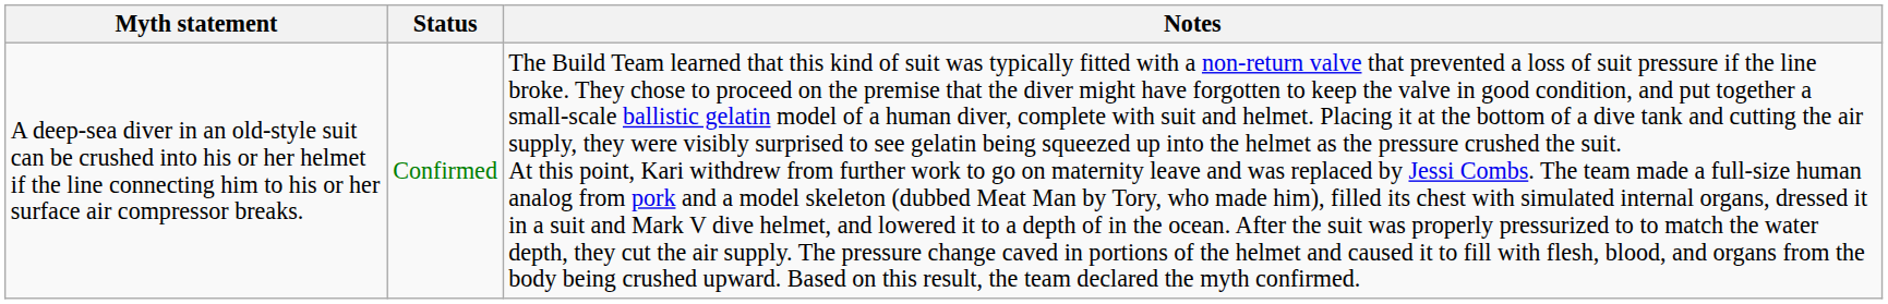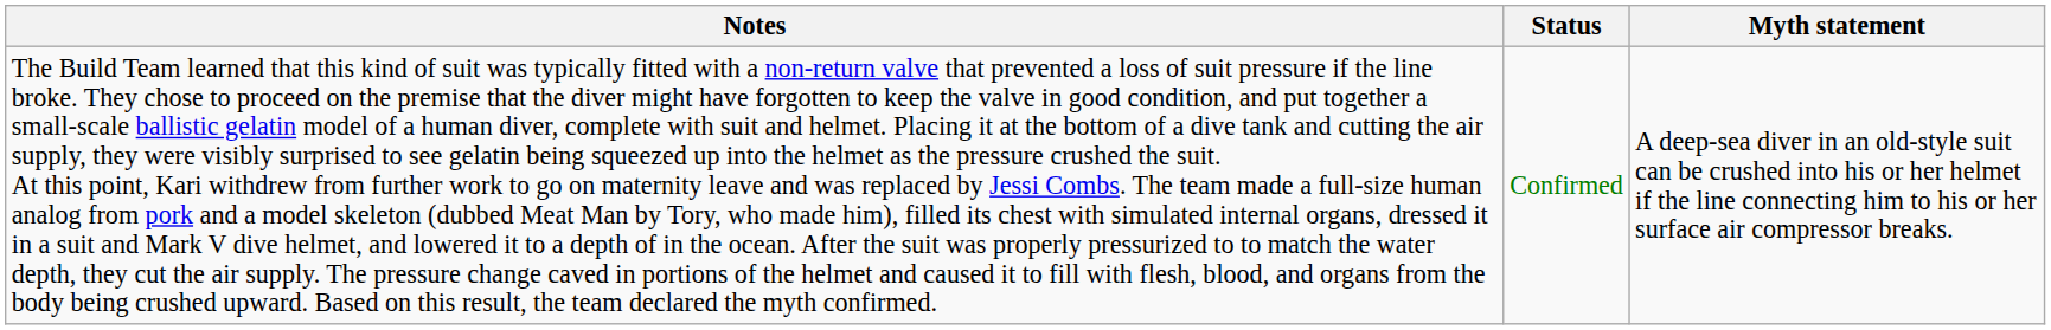 <table class="wikitable plainrowheaders">
 <tr>
+<th>Notes</th>
+<th>Status</th>
 <th>Myth statement</th>
-<th>Status</th>
-<th>Notes</th>
 </tr>
 <tr>
+<td>The Build Team learned that this kind of suit was typically fitted with a <a href='#'>non-return valve</a> that prevented a loss of suit pressure if the line broke. They chose to proceed on the premise that the diver might have forgotten to keep the valve in good condition, and put together a small-scale <a href='#'>ballistic gelatin</a> model of a human diver, complete with suit and helmet. Placing it at the bottom of a  dive tank and cutting the air supply, they were visibly surprised to see gelatin being squeezed up into the helmet as the pressure crushed the suit.<br>At this point, Kari withdrew from further work to go on maternity leave and was replaced by <a href='#'>Jessi Combs</a>. The team made a full-size human analog from <a href='#'>pork</a> and a model skeleton (dubbed Meat Man by Tory, who made him), filled its chest with simulated internal organs, dressed it in a suit and Mark V dive helmet, and lowered it to a depth of  in the ocean. After the suit was properly pressurized to  to match the water depth, they cut the air supply. The pressure change caved in portions of the helmet and caused it to fill with flesh, blood, and organs from the body being crushed upward. Based on this result, the team declared the myth confirmed.</td>
+<td style="color:green">Confirmed</td>
 <td>A deep-sea diver in an old-style suit can be crushed into his or her helmet if the line connecting him to his or her surface air compressor breaks.</td>
-<td style="color:green">Confirmed</td>
-<td>The Build Team learned that this kind of suit was typically fitted with a <a href='#'>non-return valve</a> that prevented a loss of suit pressure if the line broke. They chose to proceed on the premise that the diver might have forgotten to keep the valve in good condition, and put together a small-scale <a href='#'>ballistic gelatin</a> model of a human diver, complete with suit and helmet. Placing it at the bottom of a  dive tank and cutting the air supply, they were visibly surprised to see gelatin being squeezed up into the helmet as the pressure crushed the suit.<br>At this point, Kari withdrew from further work to go on maternity leave and was replaced by <a href='#'>Jessi Combs</a>. The team made a full-size human analog from <a href='#'>pork</a> and a model skeleton (dubbed Meat Man by Tory, who made him), filled its chest with simulated internal organs, dressed it in a suit and Mark V dive helmet, and lowered it to a depth of  in the ocean. After the suit was properly pressurized to  to match the water depth, they cut the air supply. The pressure change caved in portions of the helmet and caused it to fill with flesh, blood, and organs from the body being crushed upward. Based on this result, the team declared the myth confirmed.</td>
 </tr>
 </table>
